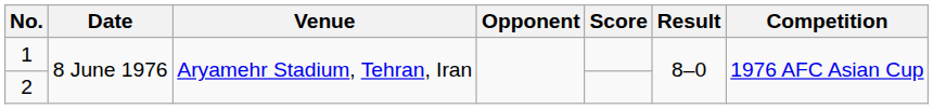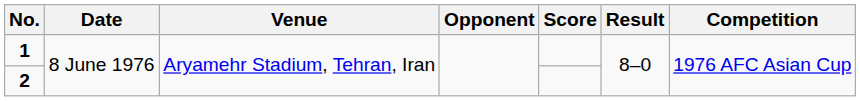 <table class="wikitable sortable">
 <tr>
 <th scope="col">No.</th>
 <th scope="col">Date</th>
 <th scope="col">Venue</th>
 <th scope="col">Opponent</th>
 <th scope="col">Score</th>
 <th scope="col">Result</th>
 <th scope="col">Competition</th>
 </tr>
 <tr>
-<td align="center">1</td>
+<td align="center"><strong>1</strong></td>
 <td rowspan="2">8 June 1976</td>
 <td rowspan="2"><a href='#'>Aryamehr Stadium</a>, <a href='#'>Tehran</a>, Iran</td>
 <td rowspan="2"></td>
 <td></td>
 <td rowspan="2" align="center">8–0</td>
 <td rowspan="2"><a href='#'>1976 AFC Asian Cup</a></td>
 </tr>
 <tr>
-<td align="center">2</td>
+<td align="center"><strong>2</strong></td>
 <td></td>
 </tr>
 </table>
